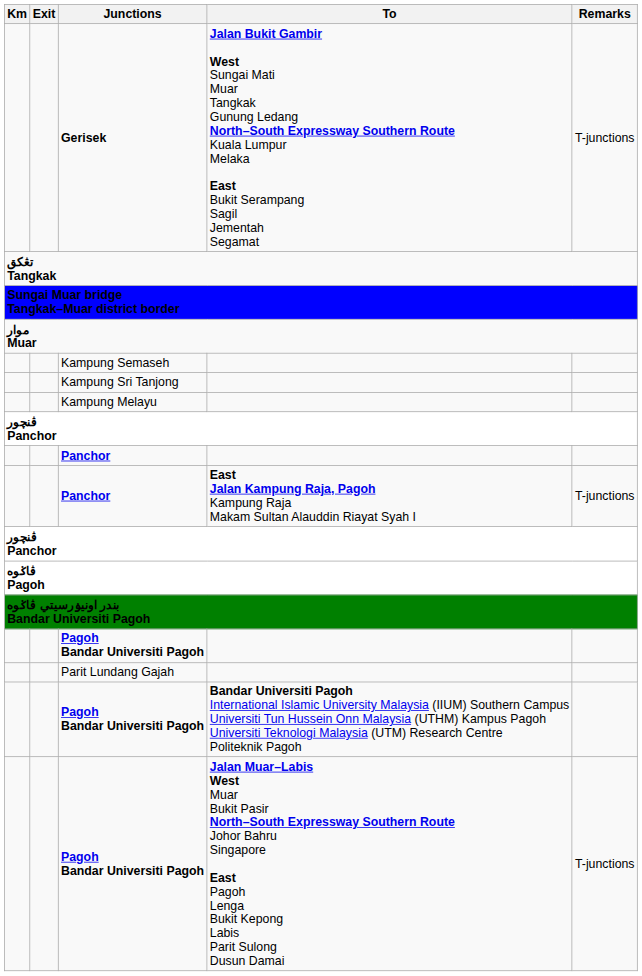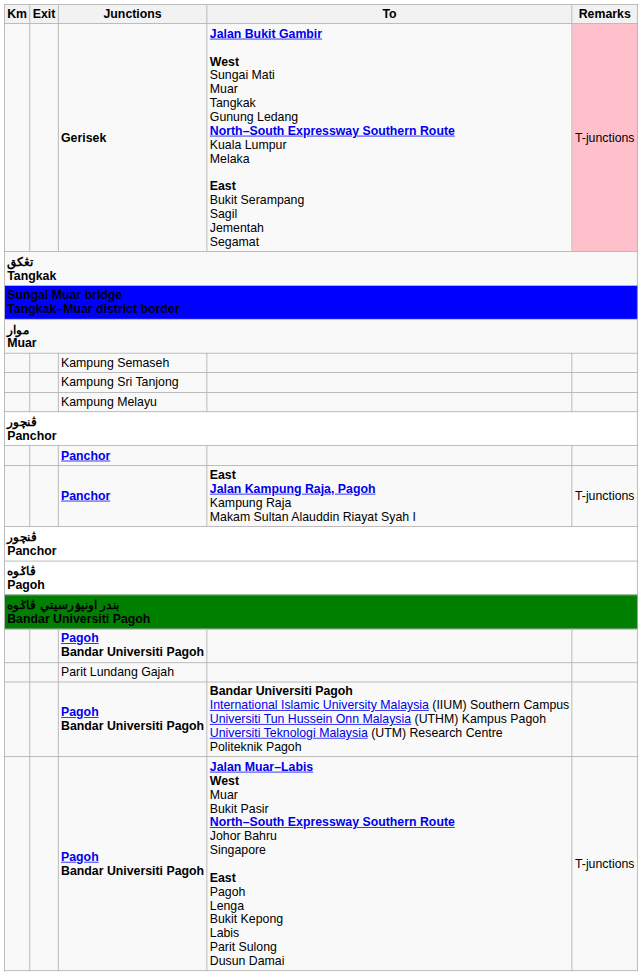 <table class="wikitable">
 <tr>
 <th>Km</th>
 <th>Exit</th>
 <th>Junctions</th>
 <th>To</th>
 <th>Remarks</th>
 </tr>
 <tr>
 <td></td>
 <td></td>
 <td><strong>Gerisek</strong></td>
 <td> <strong><a href='#'>Jalan Bukit Gambir</a></strong><br><br><strong>West</strong><br>Sungai Mati<br>Muar<br>Tangkak<br>Gunung Ledang<br>  <strong><a href='#'>North–South Expressway Southern Route</a></strong><br>Kuala Lumpur<br>Melaka<br><br><strong>East</strong><br>Bukit Serampang<br>Sagil<br>Jementah<br>Segamat</td>
-<td>T-junctions</td>
+<td style="background: pink;">T-junctions</td>
 </tr>
 <tr>
 <td style="width:600px" colspan="6" style="text-align:center; background:green;"><strong><span>تڠکق<br>Tangkak<br></span></strong></td>
 </tr>
 <tr>
 <td style="width:600px" colspan="6" style="text-align:center" bgcolor="blue"><strong><span>Sungai Muar bridge<br>Tangkak–Muar district border</span></strong></td>
 </tr>
 <tr>
 <td style="width:600px" colspan="6" style="text-align:center; background:yellow;"><strong><span>موار<br>Muar</span></strong></td>
 </tr>
 <tr>
 <td></td>
 <td></td>
 <td>Kampung Semaseh</td>
 <td></td>
 <td></td>
 </tr>
 <tr>
 <td></td>
 <td></td>
 <td>Kampung Sri Tanjong</td>
 <td></td>
 <td></td>
 </tr>
 <tr>
 <td></td>
 <td></td>
 <td>Kampung Melayu</td>
 <td></td>
 <td></td>
 </tr>
 <tr>
 <td style="width:600px" colspan="6" style="text-align:center" bgcolor="white"><strong><span>ڤنچور<br>Panchor</span></strong></td>
 </tr>
 <tr>
 <td></td>
 <td></td>
 <td><strong><a href='#'>Panchor</a></strong></td>
 <td></td>
 <td></td>
 </tr>
 <tr>
 <td></td>
 <td></td>
 <td><strong><a href='#'>Panchor</a></strong></td>
 <td><strong>East</strong><br> <strong><a href='#'>Jalan Kampung Raja, Pagoh</a></strong><br>Kampung Raja<br>Makam Sultan Alauddin Riayat Syah I</td>
 <td>T-junctions</td>
 </tr>
 <tr>
 <td style="width:600px" colspan="6" style="text-align:center" bgcolor="white"><strong><span>ڤنچور<br>Panchor</span></strong></td>
 </tr>
 <tr>
 <td style="width:600px" colspan="6" style="text-align:center" bgcolor="white"><strong><span>ڤاݢوه<br>Pagoh</span></strong></td>
 </tr>
 <tr>
 <td style="width:600px" colspan="6" style="text-align:center" bgcolor="green"><strong><span>بندر اونيۏرسيتي ڤاݢوه<br>Bandar Universiti Pagoh</span></strong></td>
 </tr>
 <tr>
 <td></td>
 <td></td>
 <td><strong><a href='#'>Pagoh</a></strong><br><strong>Bandar Universiti Pagoh</strong></td>
 <td></td>
 <td></td>
 </tr>
 <tr>
 <td></td>
 <td></td>
 <td>Parit Lundang Gajah</td>
 <td></td>
 <td></td>
 </tr>
 <tr>
 <td></td>
 <td></td>
 <td><strong><a href='#'>Pagoh</a></strong><br><strong>Bandar Universiti Pagoh</strong></td>
 <td><strong>Bandar Universiti Pagoh</strong><br><a href='#'>International Islamic University Malaysia</a> (IIUM) Southern Campus<br><a href='#'>Universiti Tun Hussein Onn Malaysia</a> (UTHM) Kampus Pagoh<br><a href='#'>Universiti Teknologi Malaysia</a> (UTM) Research Centre<br>Politeknik Pagoh</td>
 <td></td>
 </tr>
 <tr>
 <td></td>
 <td></td>
 <td><strong><a href='#'>Pagoh</a></strong><br><strong>Bandar Universiti Pagoh</strong></td>
 <td> <strong><a href='#'>Jalan Muar–Labis</a></strong><br><strong>West</strong><br>Muar<br>Bukit Pasir<br>  <strong><a href='#'>North–South Expressway Southern Route</a></strong><br>Johor Bahru<br>Singapore<br><br><strong>East</strong><br>Pagoh<br>Lenga<br>Bukit Kepong<br>Labis<br>Parit Sulong<br>Dusun Damai</td>
 <td>T-junctions</td>
 </tr>
 </table>
